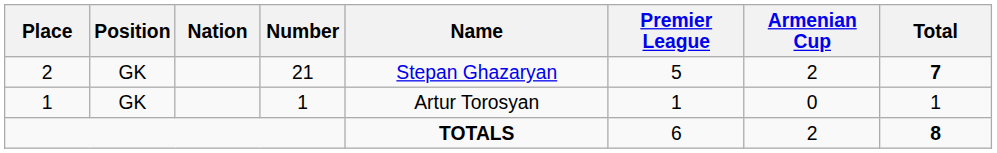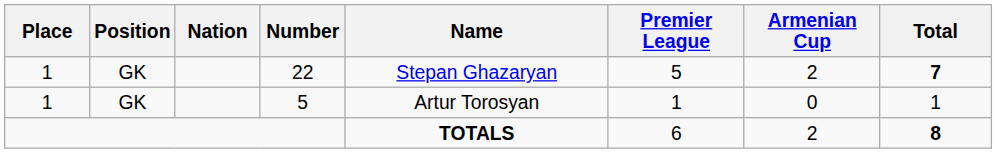 <table class="wikitable" style="font-size: 95%; text-align: center;">
 <tr>
 <th width=60>Place</th>
 <th width=60>Position</th>
 <th width=60>Nation</th>
 <th width=60>Number</th>
 <th width=200>Name</th>
 <th width=100><a href='#'>Premier League</a></th>
 <th width=100><a href='#'>Armenian Cup</a></th>
 <th width=80><strong>Total</strong></th>
 </tr>
 <tr>
-<td>2</td>
+<td>1</td>
 <td>GK</td>
 <td></td>
-<td>21</td>
+<td>22</td>
 <td><a href='#'>Stepan Ghazaryan</a></td>
 <td>5</td>
 <td>2</td>
 <td><strong>7</strong></td>
 </tr>
 <tr>
 <td>1</td>
 <td>GK</td>
 <td></td>
-<td>1</td>
+<td>5</td>
 <td>Artur Torosyan</td>
 <td>1</td>
 <td>0</td>
 <td>1</td>
 </tr>
 <tr>
 <td colspan="4"></td>
 <td><strong>TOTALS</strong></td>
 <td>6</td>
 <td>2</td>
 <td><strong>8</strong></td>
 </tr>
 </table>
